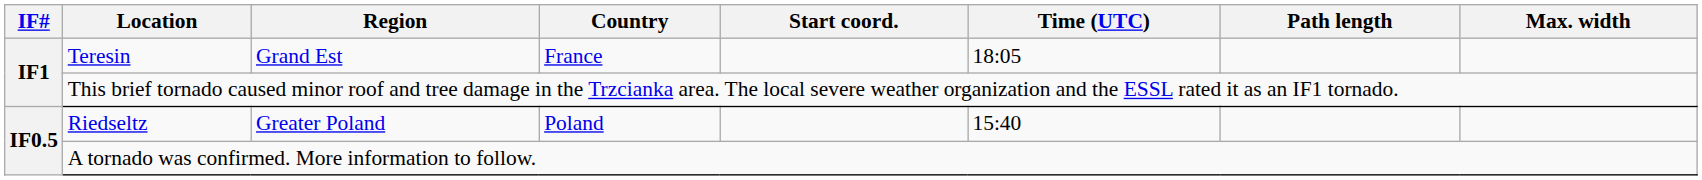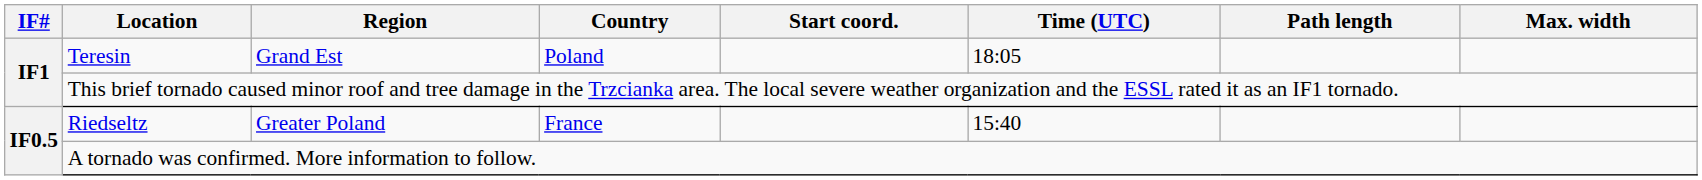 <table class="wikitable sortable" style="width:100%;">
 <tr>
 <th scope="col" width="2%" align="center"><a href='#'>IF#</a></th>
 <th scope="col" align="center" class="unsortable">Location</th>
 <th scope="col" align="center" class="unsortable">Region</th>
 <th scope="col" align="center">Country</th>
 <th scope="col" align="center">Start coord.</th>
 <th scope="col" align="center">Time (<a href='#'>UTC</a>)</th>
 <th scope="col" align="center">Path length</th>
 <th scope="col" align="center">Max. width</th>
 </tr>
 <tr>
 <th scope="row" rowspan="2" style="background-color:#">IF1</th>
 <td><a href='#'>Teresin</a></td>
 <td><a href='#'>Grand Est</a></td>
-<td><a href='#'>France</a></td>
+<td><a href='#'>Poland</a></td>
 <td></td>
 <td>18:05</td>
 <td></td>
 <td></td>
 </tr>
 <tr class="expand-child">
 <td colspan="8" style=" border-bottom: 1px solid black;">This brief tornado caused minor roof and tree damage in the <a href='#'>Trzcianka</a> area. The local severe weather organization and the <a href='#'>ESSL</a> rated it as an IF1 tornado.</td>
 </tr>
 <tr>
 <th scope="row" rowspan="2" style="background-color:#">IF0.5</th>
 <td><a href='#'>Riedseltz</a></td>
 <td><a href='#'>Greater Poland</a></td>
-<td><a href='#'>Poland</a></td>
+<td><a href='#'>France</a></td>
 <td></td>
 <td>15:40</td>
 <td></td>
 <td></td>
 </tr>
 <tr class="expand-child">
 <td colspan="8" style=" border-bottom: 1px solid black;">A tornado was confirmed. More information to follow. </td>
 </tr>
 </table>
